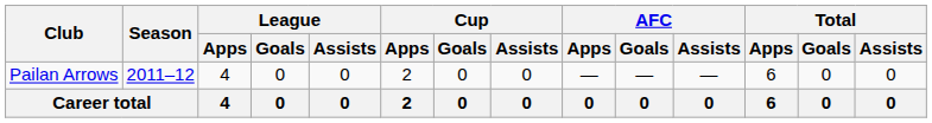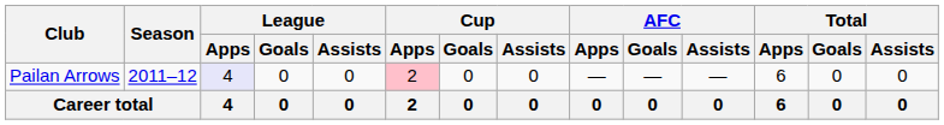 <table class="wikitable" style="font-size:90%; text-align:center;">
 <tr>
 <th rowspan="2">Club</th>
 <th rowspan="2">Season</th>
 <th colspan="3">League</th>
 <th colspan="3">Cup</th>
 <th colspan="3"><a href='#'>AFC</a></th>
 <th colspan="3">Total</th>
 </tr>
 <tr>
 <th>Apps</th>
 <th>Goals</th>
 <th>Assists</th>
 <th>Apps</th>
 <th>Goals</th>
 <th>Assists</th>
 <th>Apps</th>
 <th>Goals</th>
 <th>Assists</th>
 <th>Apps</th>
 <th>Goals</th>
 <th>Assists</th>
 </tr>
 <tr>
 <td rowspan="1"><a href='#'>Pailan Arrows</a></td>
 <td><a href='#'>2011–12</a></td>
-<td>4</td>
+<td style="background: lavender;">4</td>
 <td>0</td>
 <td>0</td>
-<td>2</td>
+<td style="background: pink;">2</td>
 <td>0</td>
 <td>0</td>
 <td>—</td>
 <td>—</td>
 <td>—</td>
 <td>6</td>
 <td>0</td>
 <td>0</td>
 </tr>
 <tr>
 <th colspan="2">Career total</th>
 <th>4</th>
 <th>0</th>
 <th>0</th>
 <th>2</th>
 <th>0</th>
 <th>0</th>
 <th>0</th>
 <th>0</th>
 <th>0</th>
 <th>6</th>
 <th>0</th>
 <th>0</th>
 </tr>
 </table>
